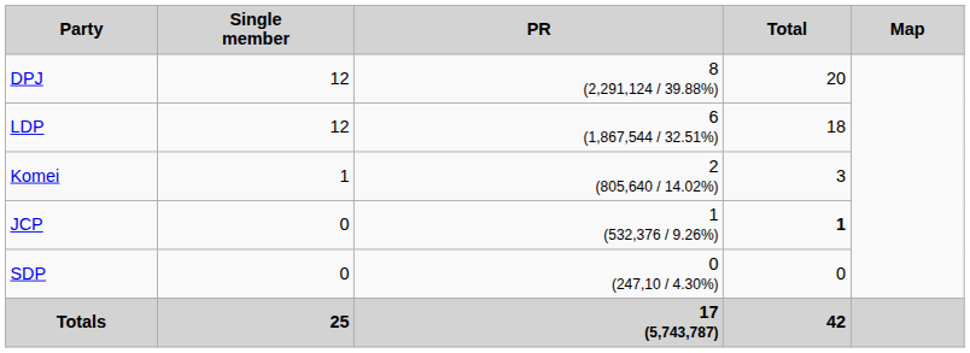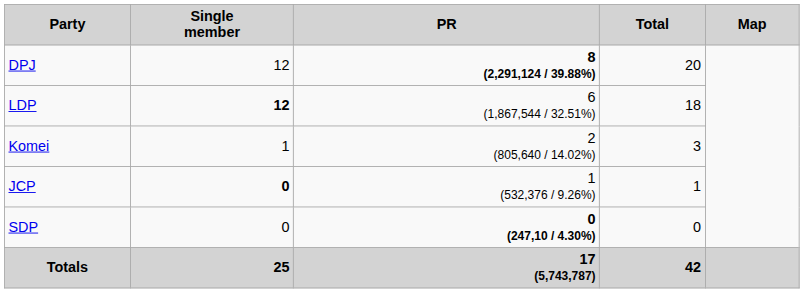 <table border="2" cellpadding="4" cellspacing="0" style="width:100%; margin:1em 1em 1em 0; background:#f9f9f9; border:1px #aaa solid; border-collapse:collapse;">
 <tr style="background:lightgrey;">
 <th>Party</th>
 <th>Single<br>member</th>
 <th>PR</th>
 <th>Total</th>
 <th>Map</th>
 </tr>
 <tr>
 <td><a href='#'>DPJ</a></td>
 <td style="text-align:right;">12</td>
-<td style="text-align:right;">8<br><small>(2,291,124 / 39.88%)</small></td>
+<td style="text-align:right;"><strong>8<br><small>(2,291,124 / 39.88%)</small></strong></td>
 <td style="text-align:right;">20</td>
 <td rowspan=5></td>
 </tr>
 <tr>
 <td><a href='#'>LDP</a></td>
-<td style="text-align:right;">12</td>
+<td style="text-align:right;"><strong>12</strong></td>
 <td style="text-align:right;">6<br><small>(1,867,544 / 32.51%)</small></td>
 <td style="text-align:right;">18</td>
 </tr>
 <tr>
 <td><a href='#'>Komei</a></td>
 <td style="text-align:right;">1</td>
 <td style="text-align:right;">2<br><small>(805,640 / 14.02%)</small></td>
 <td style="text-align:right;">3</td>
 </tr>
 <tr>
 <td><a href='#'>JCP</a></td>
-<td style="text-align:right;">0</td>
+<td style="text-align:right;"><strong>0</strong></td>
 <td style="text-align:right;">1<br><small>(532,376 / 9.26%)</small></td>
-<td style="text-align:right;"><strong>1</strong></td>
+<td style="text-align:right;">1</td>
 </tr>
 <tr>
 <td><a href='#'>SDP</a></td>
 <td style="text-align:right;">0</td>
-<td style="text-align:right;">0<br><small>(247,10 / 4.30%)</small></td>
+<td style="text-align:right;"><strong>0<br><small>(247,10 / 4.30%)</small></strong></td>
 <td style="text-align:right;">0</td>
 </tr>
 <tr style="background:lightgrey;">
 <th><strong>Totals</strong></th>
 <th style="text-align:right;">25</th>
 <th style="text-align:right;">17<br><small>(5,743,787)</small></th>
 <th style="text-align:right;">42</th>
 <th></th>
 </tr>
 </table>
